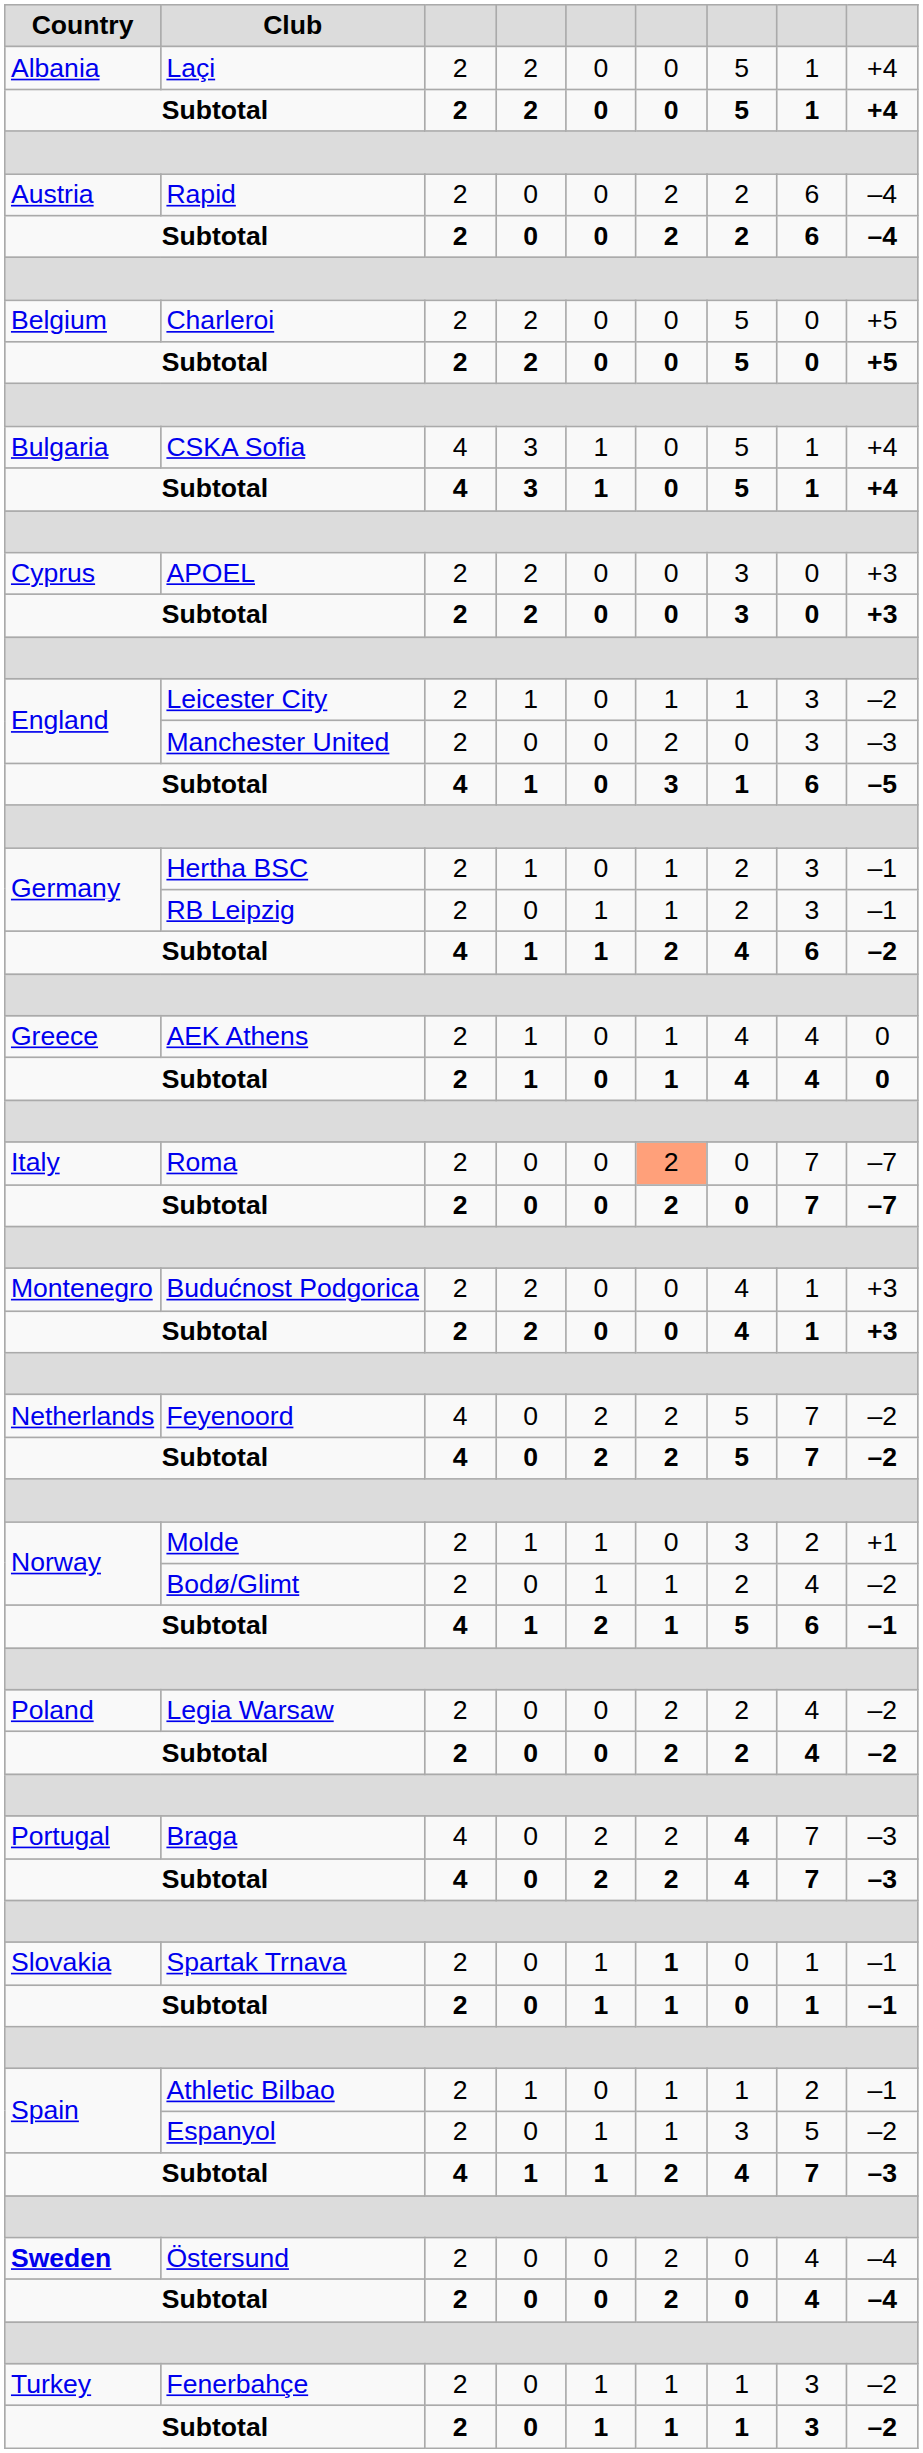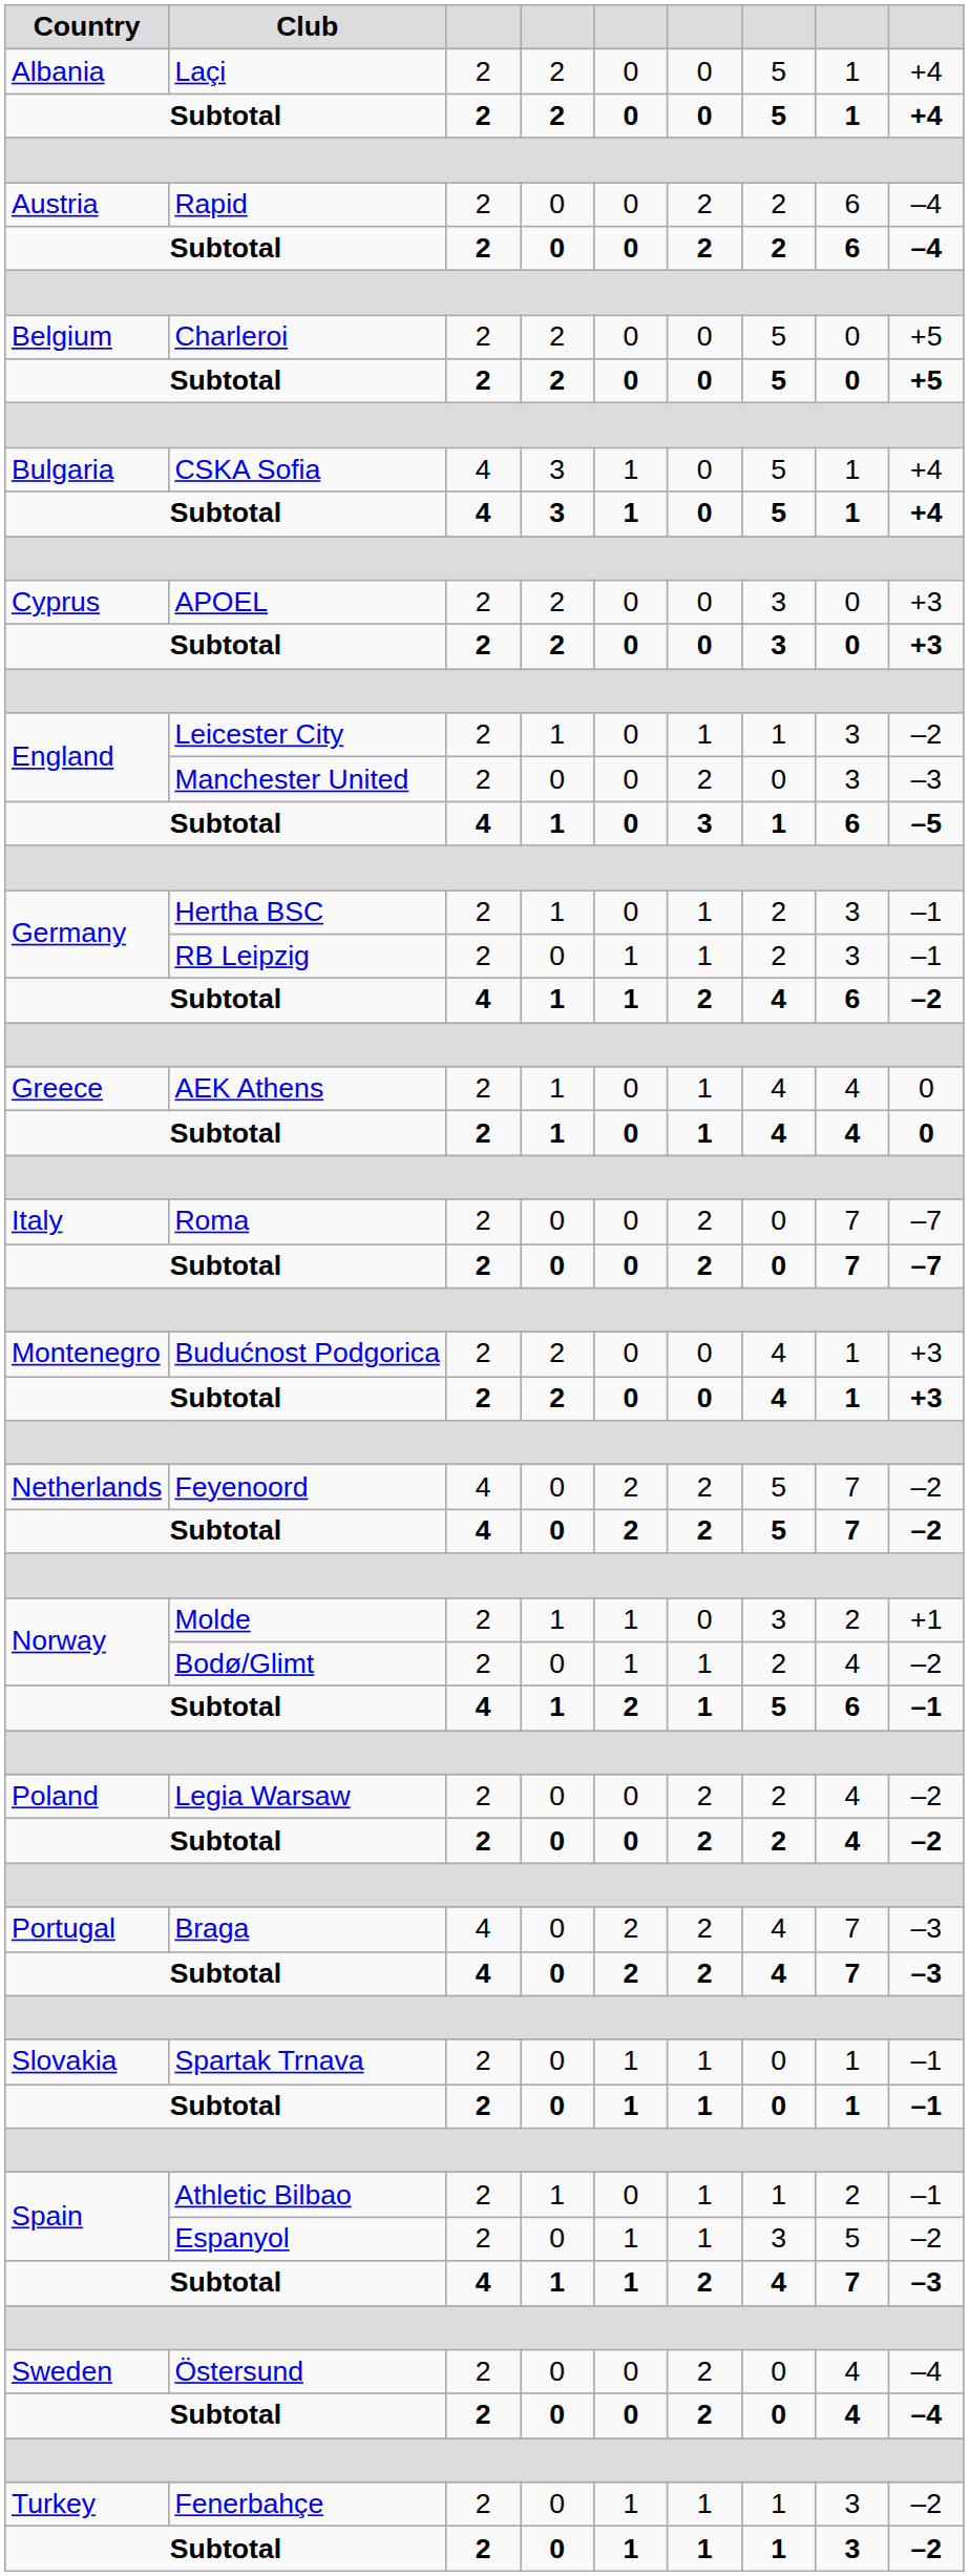 <table class="wikitable" style="text-align: center;">
 <tr>
 <th style="background:#DCDCDC">Country</th>
 <th style="background:#DCDCDC">Club</th>
 <th width="35" style="background:#DCDCDC"></th>
 <th width="35" style="background:#DCDCDC"></th>
 <th width="35" style="background:#DCDCDC"></th>
 <th width="35" style="background:#DCDCDC"></th>
 <th width="35" style="background:#DCDCDC"></th>
 <th width="35" style="background:#DCDCDC"></th>
 <th width="35" style="background:#DCDCDC"></th>
 </tr>
 <tr>
 <td align=left> <a href='#'>Albania</a></td>
 <td align=left><a href='#'>Laçi</a></td>
 <td>2</td>
 <td>2</td>
 <td>0</td>
 <td>0</td>
 <td>5</td>
 <td>1</td>
 <td>+4</td>
 </tr>
 <tr>
 <td colspan=2 align-"center"><strong>Subtotal</strong></td>
 <td><strong>2</strong></td>
 <td><strong>2</strong></td>
 <td><strong>0</strong></td>
 <td><strong>0</strong></td>
 <td><strong>5</strong></td>
 <td><strong>1</strong></td>
 <td><strong>+4</strong></td>
 </tr>
 <tr>
 <th colspan=9 height="18" style="background:#DCDCDC"></th>
 </tr>
 <tr>
 <td align=left> <a href='#'>Austria</a></td>
 <td align=left><a href='#'>Rapid</a></td>
 <td>2</td>
 <td>0</td>
 <td>0</td>
 <td>2</td>
 <td>2</td>
 <td>6</td>
 <td>–4</td>
 </tr>
 <tr>
 <td colspan=2 align-"center"><strong>Subtotal</strong></td>
 <td><strong>2</strong></td>
 <td><strong>0</strong></td>
 <td><strong>0</strong></td>
 <td><strong>2</strong></td>
 <td><strong>2</strong></td>
 <td><strong>6</strong></td>
 <td><strong>–4</strong></td>
 </tr>
 <tr>
 <th colspan=9 height="18" style="background:#DCDCDC"></th>
 </tr>
 <tr>
 <td align=left> <a href='#'>Belgium</a></td>
 <td align=left><a href='#'>Charleroi</a></td>
 <td>2</td>
 <td>2</td>
 <td>0</td>
 <td>0</td>
 <td>5</td>
 <td>0</td>
 <td>+5</td>
 </tr>
 <tr>
 <td colspan=2 align-"center"><strong>Subtotal</strong></td>
 <td><strong>2</strong></td>
 <td><strong>2</strong></td>
 <td><strong>0</strong></td>
 <td><strong>0</strong></td>
 <td><strong>5</strong></td>
 <td><strong>0</strong></td>
 <td><strong>+5</strong></td>
 </tr>
 <tr>
 <th colspan=9 height="18" style="background:#DCDCDC"></th>
 </tr>
 <tr>
 <td align=left> <a href='#'>Bulgaria</a></td>
 <td align=left><a href='#'>CSKA Sofia</a></td>
 <td>4</td>
 <td>3</td>
 <td>1</td>
 <td>0</td>
 <td>5</td>
 <td>1</td>
 <td>+4</td>
 </tr>
 <tr>
 <td colspan=2 align-"center"><strong>Subtotal</strong></td>
 <td><strong>4</strong></td>
 <td><strong>3</strong></td>
 <td><strong>1</strong></td>
 <td><strong>0</strong></td>
 <td><strong>5</strong></td>
 <td><strong>1</strong></td>
 <td><strong>+4</strong></td>
 </tr>
 <tr>
 <th colspan=9 height="18" style="background:#DCDCDC"></th>
 </tr>
 <tr>
 <td align=left> <a href='#'>Cyprus</a></td>
 <td align=left><a href='#'>APOEL</a></td>
 <td>2</td>
 <td>2</td>
 <td>0</td>
 <td>0</td>
 <td>3</td>
 <td>0</td>
 <td>+3</td>
 </tr>
 <tr>
 <td colspan=2 align-"center"><strong>Subtotal</strong></td>
 <td><strong>2</strong></td>
 <td><strong>2</strong></td>
 <td><strong>0</strong></td>
 <td><strong>0</strong></td>
 <td><strong>3</strong></td>
 <td><strong>0</strong></td>
 <td><strong>+3</strong></td>
 </tr>
 <tr>
 <th colspan=9 height="18" style="background:#DCDCDC"></th>
 </tr>
 <tr>
 <td rowspan=2 align=left> <a href='#'>England</a></td>
 <td align=left><a href='#'>Leicester City</a></td>
 <td>2</td>
 <td>1</td>
 <td>0</td>
 <td>1</td>
 <td>1</td>
 <td>3</td>
 <td>–2</td>
 </tr>
 <tr>
 <td align=left><a href='#'>Manchester United</a></td>
 <td>2</td>
 <td>0</td>
 <td>0</td>
 <td>2</td>
 <td>0</td>
 <td>3</td>
 <td>–3</td>
 </tr>
 <tr>
 <td colspan=2 align-"center"><strong>Subtotal</strong></td>
 <td><strong>4</strong></td>
 <td><strong>1</strong></td>
 <td><strong>0</strong></td>
 <td><strong>3</strong></td>
 <td><strong>1</strong></td>
 <td><strong>6</strong></td>
 <td><strong>–5</strong></td>
 </tr>
 <tr>
 <th colspan=9 height="18" style="background:#DCDCDC"></th>
 </tr>
 <tr>
 <td rowspan=2 align=left> <a href='#'>Germany</a></td>
 <td align=left><a href='#'>Hertha BSC</a></td>
 <td>2</td>
 <td>1</td>
 <td>0</td>
 <td>1</td>
 <td>2</td>
 <td>3</td>
 <td>–1</td>
 </tr>
 <tr>
 <td align=left><a href='#'>RB Leipzig</a></td>
 <td>2</td>
 <td>0</td>
 <td>1</td>
 <td>1</td>
 <td>2</td>
 <td>3</td>
 <td>–1</td>
 </tr>
 <tr>
 <td colspan=2 align-"center"><strong>Subtotal</strong></td>
 <td><strong>4</strong></td>
 <td><strong>1</strong></td>
 <td><strong>1</strong></td>
 <td><strong>2</strong></td>
 <td><strong>4</strong></td>
 <td><strong>6</strong></td>
 <td><strong>–2</strong></td>
 </tr>
 <tr>
 <th colspan=9 height="18" style="background:#DCDCDC"></th>
 </tr>
 <tr>
 <td align=left> <a href='#'>Greece</a></td>
 <td align=left><a href='#'>AEK Athens</a></td>
 <td>2</td>
 <td>1</td>
 <td>0</td>
 <td>1</td>
 <td>4</td>
 <td>4</td>
 <td>0</td>
 </tr>
 <tr>
 <td colspan=2 align-"center"><strong>Subtotal</strong></td>
 <td><strong>2</strong></td>
 <td><strong>1</strong></td>
 <td><strong>0</strong></td>
 <td><strong>1</strong></td>
 <td><strong>4</strong></td>
 <td><strong>4</strong></td>
 <td><strong>0</strong></td>
 </tr>
 <tr>
 <th colspan=9 height="18" style="background:#DCDCDC"></th>
 </tr>
 <tr>
 <td align=left> <a href='#'>Italy</a></td>
 <td align=left><a href='#'>Roma</a></td>
 <td>2</td>
 <td>0</td>
 <td>0</td>
-<td style="background: lightsalmon;">2</td>
+<td>2</td>
 <td>0</td>
 <td>7</td>
 <td>–7</td>
 </tr>
 <tr>
 <td colspan=2 align-"center"><strong>Subtotal</strong></td>
 <td><strong>2</strong></td>
 <td><strong>0</strong></td>
 <td><strong>0</strong></td>
 <td><strong>2</strong></td>
 <td><strong>0</strong></td>
 <td><strong>7</strong></td>
 <td><strong>–7</strong></td>
 </tr>
 <tr>
 <th colspan=9 height="18" style="background:#DCDCDC"></th>
 </tr>
 <tr>
 <td align=left> <a href='#'>Montenegro</a></td>
 <td align=left><a href='#'>Budućnost Podgorica</a></td>
 <td>2</td>
 <td>2</td>
 <td>0</td>
 <td>0</td>
 <td>4</td>
 <td>1</td>
 <td>+3</td>
 </tr>
 <tr>
 <td colspan=2 align-"center"><strong>Subtotal</strong></td>
 <td><strong>2</strong></td>
 <td><strong>2</strong></td>
 <td><strong>0</strong></td>
 <td><strong>0</strong></td>
 <td><strong>4</strong></td>
 <td><strong>1</strong></td>
 <td><strong>+3</strong></td>
 </tr>
 <tr>
 <th colspan=9 height="18" style="background:#DCDCDC"></th>
 </tr>
 <tr>
 <td align=left> <a href='#'>Netherlands</a></td>
 <td align=left><a href='#'>Feyenoord</a></td>
 <td>4</td>
 <td>0</td>
 <td>2</td>
 <td>2</td>
 <td>5</td>
 <td>7</td>
 <td>–2</td>
 </tr>
 <tr>
 <td colspan=2 align-"center"><strong>Subtotal</strong></td>
 <td><strong>4</strong></td>
 <td><strong>0</strong></td>
 <td><strong>2</strong></td>
 <td><strong>2</strong></td>
 <td><strong>5</strong></td>
 <td><strong>7</strong></td>
 <td><strong>–2</strong></td>
 </tr>
 <tr>
 <th colspan=9 height="18" style="background:#DCDCDC"></th>
 </tr>
 <tr>
 <td rowspan=2 align=left> <a href='#'>Norway</a></td>
 <td align=left><a href='#'>Molde</a></td>
 <td>2</td>
 <td>1</td>
 <td>1</td>
 <td>0</td>
 <td>3</td>
 <td>2</td>
 <td>+1</td>
 </tr>
 <tr>
 <td align=left><a href='#'>Bodø/Glimt</a></td>
 <td>2</td>
 <td>0</td>
 <td>1</td>
 <td>1</td>
 <td>2</td>
 <td>4</td>
 <td>–2</td>
 </tr>
 <tr>
 <td colspan=2 align-"center"><strong>Subtotal</strong></td>
 <td><strong>4</strong></td>
 <td><strong>1</strong></td>
 <td><strong>2</strong></td>
 <td><strong>1</strong></td>
 <td><strong>5</strong></td>
 <td><strong>6</strong></td>
 <td><strong>–1</strong></td>
 </tr>
 <tr>
 <th colspan=9 height="18" style="background:#DCDCDC"></th>
 </tr>
 <tr>
 <td align=left> <a href='#'>Poland</a></td>
 <td align=left><a href='#'>Legia Warsaw</a></td>
 <td>2</td>
 <td>0</td>
 <td>0</td>
 <td>2</td>
 <td>2</td>
 <td>4</td>
 <td>–2</td>
 </tr>
 <tr>
 <td colspan=2 align-"center"><strong>Subtotal</strong></td>
 <td><strong>2</strong></td>
 <td><strong>0</strong></td>
 <td><strong>0</strong></td>
 <td><strong>2</strong></td>
 <td><strong>2</strong></td>
 <td><strong>4</strong></td>
 <td><strong>–2</strong></td>
 </tr>
 <tr>
 <th colspan=9 height="18" style="background:#DCDCDC"></th>
 </tr>
 <tr>
 <td align=left> <a href='#'>Portugal</a></td>
 <td align=left><a href='#'>Braga</a></td>
 <td>4</td>
 <td>0</td>
 <td>2</td>
 <td>2</td>
-<td><strong>4</strong></td>
+<td>4</td>
 <td>7</td>
 <td>–3</td>
 </tr>
 <tr>
 <td colspan=2 align-"center"><strong>Subtotal</strong></td>
 <td><strong>4</strong></td>
 <td><strong>0</strong></td>
 <td><strong>2</strong></td>
 <td><strong>2</strong></td>
 <td><strong>4</strong></td>
 <td><strong>7</strong></td>
 <td><strong>–3</strong></td>
 </tr>
 <tr>
 <th colspan=9 height="18" style="background:#DCDCDC"></th>
 </tr>
 <tr>
 <td align=left> <a href='#'>Slovakia</a></td>
 <td align=left><a href='#'>Spartak Trnava</a></td>
 <td>2</td>
 <td>0</td>
 <td>1</td>
-<td><strong>1</strong></td>
+<td>1</td>
 <td>0</td>
 <td>1</td>
 <td>–1</td>
 </tr>
 <tr>
 <td colspan=2 align-"center"><strong>Subtotal</strong></td>
 <td><strong>2</strong></td>
 <td><strong>0</strong></td>
 <td><strong>1</strong></td>
 <td><strong>1</strong></td>
 <td><strong>0</strong></td>
 <td><strong>1</strong></td>
 <td><strong>–1</strong></td>
 </tr>
 <tr>
 <th colspan=9 height="18" style="background:#DCDCDC"></th>
 </tr>
 <tr>
 <td rowspan=2 align=left> <a href='#'>Spain</a></td>
 <td align=left><a href='#'>Athletic Bilbao</a></td>
 <td>2</td>
 <td>1</td>
 <td>0</td>
 <td>1</td>
 <td>1</td>
 <td>2</td>
 <td>–1</td>
 </tr>
 <tr>
 <td align=left><a href='#'>Espanyol</a></td>
 <td>2</td>
 <td>0</td>
 <td>1</td>
 <td>1</td>
 <td>3</td>
 <td>5</td>
 <td>–2</td>
 </tr>
 <tr>
 <td colspan=2 align-"center"><strong>Subtotal</strong></td>
 <td><strong>4</strong></td>
 <td><strong>1</strong></td>
 <td><strong>1</strong></td>
 <td><strong>2</strong></td>
 <td><strong>4</strong></td>
 <td><strong>7</strong></td>
 <td><strong>–3</strong></td>
 </tr>
 <tr>
 <th colspan=9 height="18" style="background:#DCDCDC"></th>
 </tr>
 <tr>
-<td align=left><strong> <a href='#'>Sweden</a></strong></td>
+<td align=left> <a href='#'>Sweden</a></td>
 <td align=left><a href='#'>Östersund</a></td>
 <td>2</td>
 <td>0</td>
 <td>0</td>
 <td>2</td>
 <td>0</td>
 <td>4</td>
 <td>–4</td>
 </tr>
 <tr>
 <td colspan=2 align-"center"><strong>Subtotal</strong></td>
 <td><strong>2</strong></td>
 <td><strong>0</strong></td>
 <td><strong>0</strong></td>
 <td><strong>2</strong></td>
 <td><strong>0</strong></td>
 <td><strong>4</strong></td>
 <td><strong>–4</strong></td>
 </tr>
 <tr>
 <th colspan=9 height="18" style="background:#DCDCDC"></th>
 </tr>
 <tr>
 <td align=left> <a href='#'>Turkey</a></td>
 <td align=left><a href='#'>Fenerbahçe</a></td>
 <td>2</td>
 <td>0</td>
 <td>1</td>
 <td>1</td>
 <td>1</td>
 <td>3</td>
 <td>–2</td>
 </tr>
 <tr>
 <td colspan=2 align-"center"><strong>Subtotal</strong></td>
 <td><strong>2</strong></td>
 <td><strong>0</strong></td>
 <td><strong>1</strong></td>
 <td><strong>1</strong></td>
 <td><strong>1</strong></td>
 <td><strong>3</strong></td>
 <td><strong>–2</strong></td>
 </tr>
 </table>
